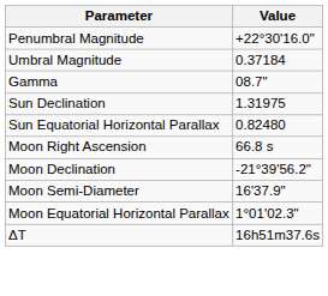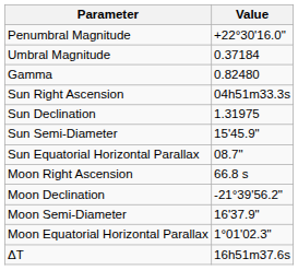 <table class="wikitable">
 <tr>
 <th>Parameter</th>
 <th>Value</th>
 </tr>
 <tr>
 <td>Penumbral Magnitude</td>
 <td>+22°30'16.0"</td>
 </tr>
 <tr>
 <td>Umbral Magnitude</td>
 <td>0.37184</td>
 </tr>
 <tr>
 <td>Gamma</td>
-<td>08.7"</td>
+<td>0.82480</td>
+</tr>
+<tr>
+<td>Sun Right Ascension</td>
+<td>04h51m33.3s</td>
 </tr>
 <tr>
 <td>Sun Declination</td>
 <td>1.31975</td>
 </tr>
 <tr>
+<td>Sun Semi-Diameter</td>
+<td>15'45.9"</td>
+</tr>
+<tr>
 <td>Sun Equatorial Horizontal Parallax</td>
-<td>0.82480</td>
+<td>08.7"</td>
 </tr>
 <tr>
 <td>Moon Right Ascension</td>
 <td>66.8 s</td>
 </tr>
 <tr>
 <td>Moon Declination</td>
 <td>-21°39'56.2"</td>
 </tr>
 <tr>
 <td>Moon Semi-Diameter</td>
 <td>16'37.9"</td>
 </tr>
 <tr>
 <td>Moon Equatorial Horizontal Parallax</td>
 <td>1°01'02.3"</td>
 </tr>
 <tr>
 <td>ΔT</td>
 <td>16h51m37.6s</td>
 </tr>
 </table>
